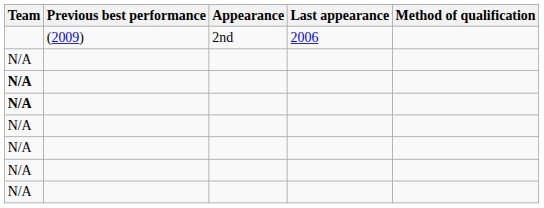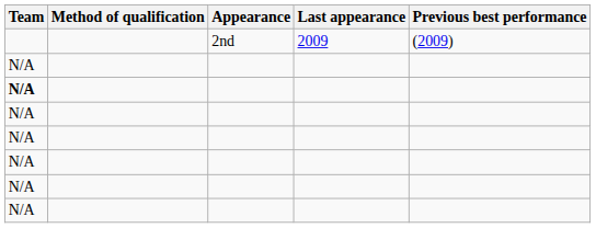 <table class="wikitable sortable">
 <tr>
 <th>Team</th>
-<th>Previous best performance</th>
+<th>Method of qualification</th>
 <th data-sort-type="number">Appearance</th>
 <th>Last appearance</th>
-<th>Method of qualification</th>
+<th>Previous best performance</th>
 </tr>
 <tr>
 <td></td>
+<td></td>
+<td>2nd</td>
+<td><a href='#'>2009</a></td>
 <td> (<a href='#'>2009</a>)</td>
-<td>2nd</td>
-<td><a href='#'>2006</a></td>
-<td></td>
 </tr>
 <tr>
 <td>N/A</td>
-<td></td>
-<td></td>
-<td></td>
-<td></td>
-</tr>
-<tr>
-<td><strong>N/A</strong></td>
 <td></td>
 <td></td>
 <td></td>
 <td></td>
 </tr>
 <tr>
 <td><strong>N/A</strong></td>
 <td></td>
 <td></td>
 <td></td>
 <td></td>
 </tr>
 <tr>
 <td>N/A</td>
 <td></td>
 <td></td>
 <td></td>
 <td></td>
 </tr>
 <tr>
 <td>N/A</td>
 <td></td>
 <td></td>
 <td></td>
 <td></td>
 </tr>
 <tr>
 <td>N/A</td>
 <td></td>
 <td></td>
 <td></td>
 <td></td>
 </tr>
 <tr>
 <td>N/A</td>
 <td></td>
 <td></td>
 <td></td>
 <td></td>
 </tr>
+<tr>
+<td>N/A</td>
+<td></td>
+<td></td>
+<td></td>
+<td></td>
+</tr>
 </table>
